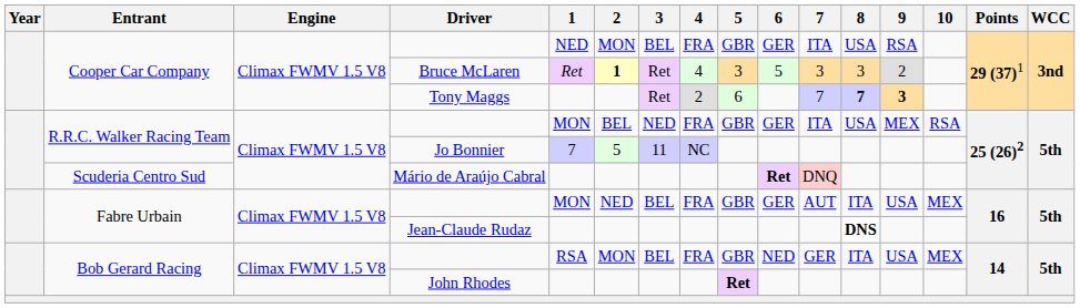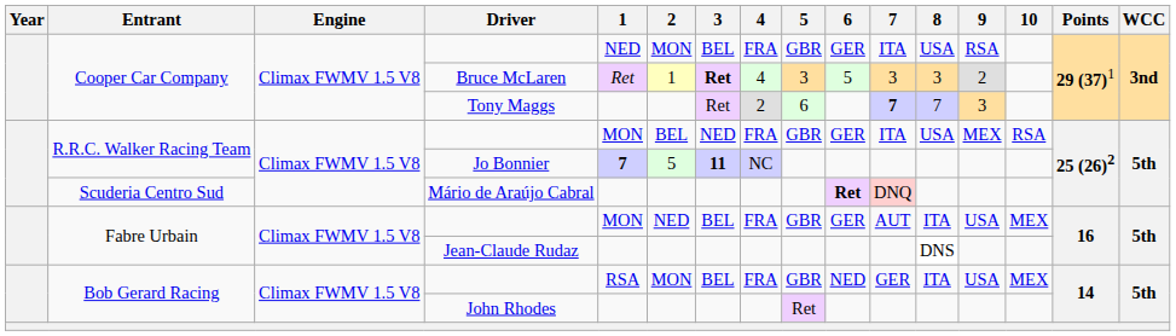 <table class="wikitable" style="text-align:center; font-size:95%">
 <tr>
 <th>Year</th>
 <th>Entrant</th>
 <th>Engine</th>
 <th>Driver</th>
 <th>1</th>
 <th>2</th>
 <th>3</th>
 <th>4</th>
 <th>5</th>
 <th>6</th>
 <th>7</th>
 <th>8</th>
 <th>9</th>
 <th>10</th>
 <th>Points</th>
 <th>WCC</th>
 </tr>
 <tr>
 <th rowspan=3></th>
 <td rowspan=3><a href='#'>Cooper Car Company</a></td>
 <td rowspan=3><a href='#'>Climax FWMV 1.5 V8</a></td>
 <td></td>
 <td><a href='#'>NED</a></td>
 <td><a href='#'>MON</a></td>
 <td><a href='#'>BEL</a></td>
 <td><a href='#'>FRA</a></td>
 <td><a href='#'>GBR</a></td>
 <td><a href='#'>GER</a></td>
 <td><a href='#'>ITA</a></td>
 <td><a href='#'>USA</a></td>
 <td><a href='#'>RSA</a></td>
 <td></td>
 <td rowspan=3 style="background:#ffdf9f;"><strong>29 (37)</strong><sup>1</sup></td>
 <td rowspan=3 style="background:#ffdf9f;"><strong>3nd</strong></td>
 </tr>
 <tr>
 <td><a href='#'>Bruce McLaren</a></td>
 <td style="background:#efcfff;"><em>Ret</em></td>
-<td style="background:#ffffbf;"><strong>1</strong></td>
-<td style="background:#efcfff;">Ret</td>
+<td style="background:#ffffbf;">1</td>
+<td style="background:#efcfff;"><strong>Ret</strong></td>
 <td style="background:#DFFFDF;">4</td>
 <td style="background:#ffdf9f;">3</td>
 <td style="background:#DFFFDF;">5</td>
 <td style="background:#ffdf9f;">3</td>
 <td style="background:#ffdf9f;">3</td>
 <td style="background:#DFDFDF;">2</td>
 <td></td>
 </tr>
 <tr>
 <td><a href='#'>Tony Maggs</a></td>
 <td></td>
 <td></td>
 <td style="background:#efcfff;">Ret</td>
 <td style="background:#DFDFDF;">2</td>
 <td style="background:#DFFFDF;">6</td>
 <td></td>
+<td style="background:#CFCFFF;"><strong>7</strong></td>
 <td style="background:#CFCFFF;">7</td>
-<td style="background:#CFCFFF;"><strong>7</strong></td>
-<td style="background:#ffdf9f;"><strong>3</strong></td>
+<td style="background:#ffdf9f;">3</td>
 <td></td>
 </tr>
 <tr>
 <th rowspan=3></th>
 <td rowspan=2><a href='#'>R.R.C. Walker Racing Team</a></td>
 <td rowspan=3><a href='#'>Climax FWMV 1.5 V8</a></td>
 <td></td>
 <td><a href='#'>MON</a></td>
 <td><a href='#'>BEL</a></td>
 <td><a href='#'>NED</a></td>
 <td><a href='#'>FRA</a></td>
 <td><a href='#'>GBR</a></td>
 <td><a href='#'>GER</a></td>
 <td><a href='#'>ITA</a></td>
 <td><a href='#'>USA</a></td>
 <td><a href='#'>MEX</a></td>
 <td><a href='#'>RSA</a></td>
 <th rowspan=3>25 (26)<sup>2</sup></th>
 <th rowspan=3>5th</th>
 </tr>
 <tr>
 <td><a href='#'>Jo Bonnier</a></td>
-<td style="background:#CFCFFF;">7</td>
+<td style="background:#CFCFFF;"><strong>7</strong></td>
 <td style="background:#DFFFDF;">5</td>
-<td style="background:#CFCFFF;">11</td>
+<td style="background:#CFCFFF;"><strong>11</strong></td>
 <td style="background:#CFCFFF;">NC</td>
 <td></td>
 <td></td>
 <td></td>
 <td></td>
 <td></td>
 </tr>
 <tr>
 <td><a href='#'>Scuderia Centro Sud</a></td>
 <td><a href='#'>Mário de Araújo Cabral</a></td>
 <td></td>
 <td></td>
 <td></td>
 <td></td>
 <td></td>
 <td style="background:#efcfff;"><strong>Ret</strong></td>
 <td style="background:#ffcfcf;">DNQ</td>
 <td></td>
 <td></td>
 <td></td>
 </tr>
 <tr>
 <th rowspan=2></th>
 <td rowspan=2>Fabre Urbain</td>
 <td rowspan=2><a href='#'>Climax FWMV 1.5 V8</a></td>
 <td></td>
 <td><a href='#'>MON</a></td>
 <td><a href='#'>NED</a></td>
 <td><a href='#'>BEL</a></td>
 <td><a href='#'>FRA</a></td>
 <td><a href='#'>GBR</a></td>
 <td><a href='#'>GER</a></td>
 <td><a href='#'>AUT</a></td>
 <td><a href='#'>ITA</a></td>
 <td><a href='#'>USA</a></td>
 <td><a href='#'>MEX</a></td>
 <th rowspan=2>16</th>
 <th rowspan=2>5th</th>
 </tr>
 <tr>
 <td><a href='#'>Jean-Claude Rudaz</a></td>
 <td></td>
 <td></td>
 <td></td>
 <td></td>
 <td></td>
 <td></td>
 <td></td>
-<td style="background:#ffffff;"><strong>DNS</strong></td>
+<td style="background:#ffffff;">DNS</td>
 <td></td>
 <td></td>
 </tr>
 <tr>
 <th rowspan=2></th>
 <td rowspan=2><a href='#'>Bob Gerard Racing</a></td>
 <td rowspan=2><a href='#'>Climax FWMV 1.5 V8</a></td>
 <td></td>
 <td><a href='#'>RSA</a></td>
 <td><a href='#'>MON</a></td>
 <td><a href='#'>BEL</a></td>
 <td><a href='#'>FRA</a></td>
 <td><a href='#'>GBR</a></td>
 <td><a href='#'>NED</a></td>
 <td><a href='#'>GER</a></td>
 <td><a href='#'>ITA</a></td>
 <td><a href='#'>USA</a></td>
 <td><a href='#'>MEX</a></td>
 <th rowspan=2>14</th>
 <th rowspan=2>5th</th>
 </tr>
 <tr>
 <td><a href='#'>John Rhodes</a></td>
 <td></td>
 <td></td>
 <td></td>
 <td></td>
-<td style="background:#efcfff;"><strong>Ret</strong></td>
+<td style="background:#efcfff;">Ret</td>
 <td></td>
 <td></td>
 <td></td>
 <td></td>
 <td></td>
 </tr>
 <tr>
 <th colspan=16></th>
 </tr>
 </table>
